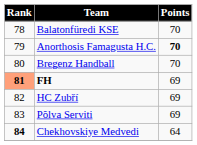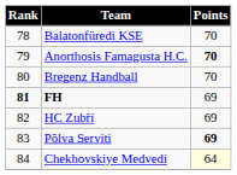 <table class="wikitable" style="text-align: center">
 <tr>
 <th style="color:#FFFFFF; background:#000000">Rank</th>
 <th style="color:#FFFFFF; background:#000000">Team</th>
 <th style="color:#FFFFFF; background:#000000">Points</th>
 </tr>
 <tr>
 <td>78</td>
 <td align=left> <a href='#'>Balatonfüredi KSE</a></td>
 <td>70</td>
 </tr>
 <tr>
 <td>79</td>
 <td align=left> <a href='#'>Anorthosis Famagusta H.C.</a></td>
 <td><strong>70</strong></td>
 </tr>
 <tr>
 <td>80</td>
 <td align=left> <a href='#'>Bregenz Handball</a></td>
 <td>70</td>
 </tr>
 <tr>
-<td style="background: lightsalmon;"><strong>81</strong></td>
+<td><strong>81</strong></td>
 <td align=left> <strong>FH</strong></td>
 <td>69</td>
 </tr>
 <tr>
 <td>82</td>
 <td align=left> <a href='#'>HC Zubří</a></td>
 <td>69</td>
 </tr>
 <tr>
 <td>83</td>
 <td align=left> <a href='#'>Põlva Serviti</a></td>
-<td>69</td>
+<td><strong>69</strong></td>
 </tr>
 <tr>
-<td><strong>84</strong></td>
+<td>84</td>
 <td align=left> <a href='#'>Chekhovskiye Medvedi</a></td>
-<td>64</td>
+<td style="background: lightyellow;">64</td>
 </tr>
 <tr>
 </tr>
 </table>
